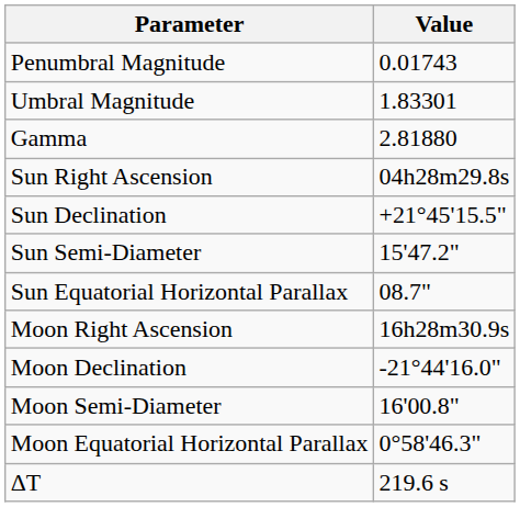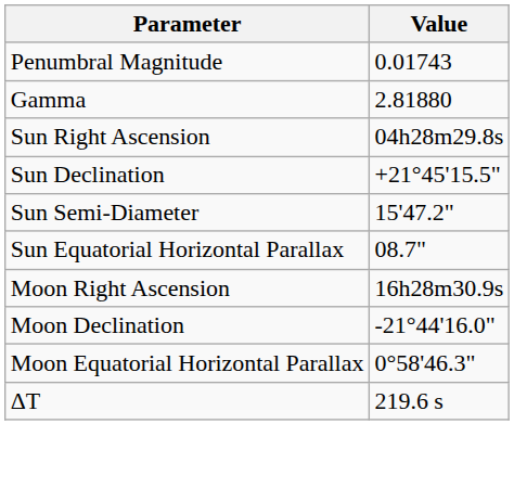 <table class="wikitable">
 <tr>
 <th>Parameter</th>
 <th>Value</th>
 </tr>
 <tr>
 <td>Penumbral Magnitude</td>
 <td>0.01743</td>
-</tr>
-<tr>
-<td>Umbral Magnitude</td>
-<td>1.83301</td>
 </tr>
 <tr>
 <td>Gamma</td>
 <td>2.81880</td>
 </tr>
 <tr>
 <td>Sun Right Ascension</td>
 <td>04h28m29.8s</td>
 </tr>
 <tr>
 <td>Sun Declination</td>
 <td>+21°45'15.5"</td>
 </tr>
 <tr>
 <td>Sun Semi-Diameter</td>
 <td>15'47.2"</td>
 </tr>
 <tr>
 <td>Sun Equatorial Horizontal Parallax</td>
 <td>08.7"</td>
 </tr>
 <tr>
 <td>Moon Right Ascension</td>
 <td>16h28m30.9s</td>
 </tr>
 <tr>
 <td>Moon Declination</td>
 <td>-21°44'16.0"</td>
 </tr>
 <tr>
-<td>Moon Semi-Diameter</td>
-<td>16'00.8"</td>
-</tr>
-<tr>
 <td>Moon Equatorial Horizontal Parallax</td>
 <td>0°58'46.3"</td>
 </tr>
 <tr>
 <td>ΔT</td>
 <td>219.6 s</td>
 </tr>
 </table>
